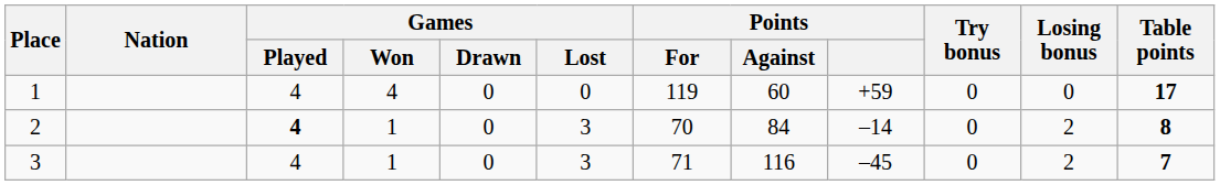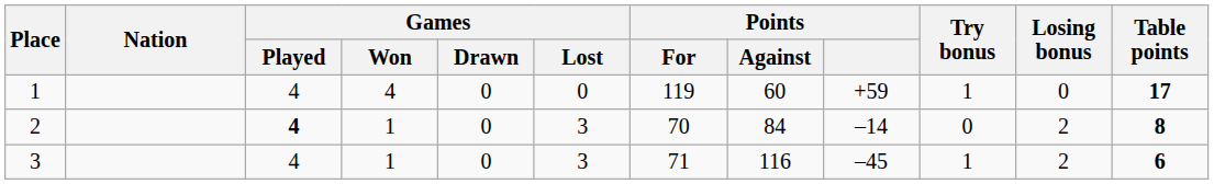 <table class="wikitable" style="text-align:center">
 <tr>
 <th rowspan="2" style="width:5%">Place</th>
 <th rowspan="2" style="width:15%">Nation</th>
 <th colspan="4" style="width:32%">Games</th>
 <th colspan="3" style="width:18%">Points</th>
 <th rowspan="2" style="width:8%">Try<br>bonus</th>
 <th rowspan="2" style="width:8%">Losing<br>bonus</th>
 <th rowspan="2" style="width:10%">Table<br>points</th>
 </tr>
 <tr>
 <th style="width:8%">Played</th>
 <th style="width:8%">Won</th>
 <th style="width:8%">Drawn</th>
 <th style="width:8%">Lost</th>
 <th style="width:8%">For</th>
 <th style="width:8%">Against</th>
 <th style="width:8%"></th>
 </tr>
 <tr>
 <td>1</td>
 <td align="left"></td>
 <td>4</td>
 <td>4</td>
 <td>0</td>
 <td>0</td>
 <td>119</td>
 <td>60</td>
 <td>+59</td>
-<td>0</td>
+<td>1</td>
 <td>0</td>
 <td><strong>17</strong></td>
 </tr>
 <tr>
 <td>2</td>
 <td align="left"></td>
 <td><strong>4</strong></td>
 <td>1</td>
 <td>0</td>
 <td>3</td>
 <td>70</td>
 <td>84</td>
 <td>–14</td>
 <td>0</td>
 <td>2</td>
 <td><strong>8</strong></td>
 </tr>
 <tr>
 <td>3</td>
 <td align="left"></td>
 <td>4</td>
 <td>1</td>
 <td>0</td>
 <td>3</td>
 <td>71</td>
 <td>116</td>
 <td>–45</td>
-<td>0</td>
+<td>1</td>
 <td>2</td>
-<td><strong>7</strong></td>
+<td><strong>6</strong></td>
 </tr>
 </table>
